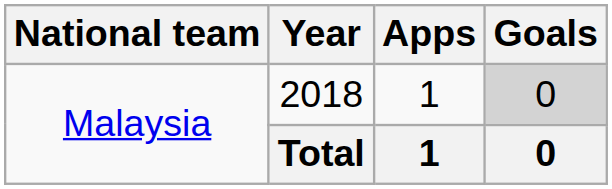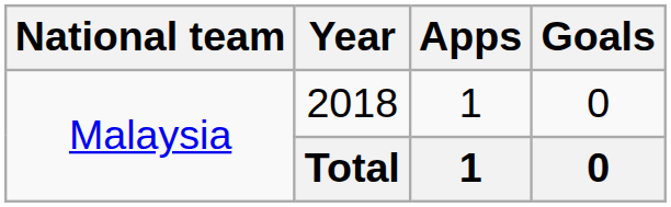 <table class="wikitable" style="text-align:center">
 <tr>
 <th>National team</th>
 <th>Year</th>
 <th>Apps</th>
 <th>Goals</th>
 </tr>
 <tr>
 <td rowspan=2><a href='#'>Malaysia</a></td>
 <td>2018</td>
 <td>1</td>
-<td style="background: lightgrey;">0</td>
+<td>0</td>
 </tr>
 <tr>
 <th colspan=1>Total</th>
 <th>1</th>
 <th>0</th>
 </tr>
 </table>
